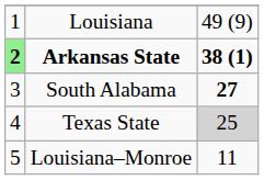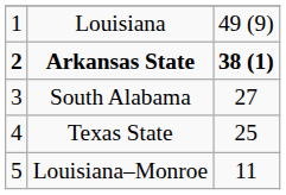 <table class="wikitable" style="display: inline-table;">
 <tr align="center">
 </tr>
 <tr align="center">
 <td>1</td>
 <td>Louisiana</td>
 <td>49 (9)</td>
 </tr>
 <tr align="center">
-<td style="background: lightgreen;"><strong>2</strong></td>
+<td><strong>2</strong></td>
 <td><strong>Arkansas State</strong></td>
 <td><strong>38 (1)</strong></td>
 </tr>
 <tr align="center">
 <td>3</td>
 <td>South Alabama</td>
-<td><strong>27</strong></td>
+<td>27</td>
 </tr>
 <tr align="center">
 <td>4</td>
 <td>Texas State</td>
-<td style="background: lightgrey;">25</td>
+<td>25</td>
 </tr>
 <tr align="center">
 <td>5</td>
 <td>Louisiana–Monroe</td>
 <td>11</td>
 </tr>
 </table>
